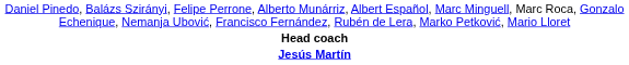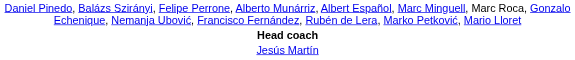 <table style="text-align: center; margin-top: 2em; margin-left: auto; margin-right: auto">
 <tr>
 <td><a href='#'>Daniel Pinedo</a>, <a href='#'>Balázs Szirányi</a>, <a href='#'>Felipe Perrone</a>, <a href='#'>Alberto Munárriz</a>, <a href='#'>Albert Español</a>, <a href='#'>Marc Minguell</a>, Marc Roca, <a href='#'>Gonzalo Echenique</a>, <a href='#'>Nemanja Ubović</a>, <a href='#'>Francisco Fernández</a>, <a href='#'>Rubén de Lera</a>, <a href='#'>Marko Petković</a>, <a href='#'>Mario Lloret</a></td>
 </tr>
 <tr>
 <td><strong>Head coach</strong></td>
 </tr>
 <tr>
-<td><strong><a href='#'>Jesús Martín</a></strong></td>
+<td><a href='#'>Jesús Martín</a></td>
 </tr>
 </table>
